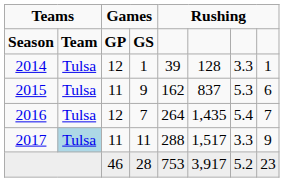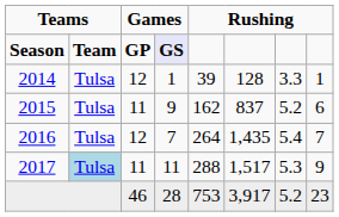 <table style="text-align:center;" class="wikitable">
 <tr style="font-weight:bold;">
 <td colspan="2">Teams</td>
 <td colspan="2">Games</td>
 <td colspan="4">Rushing</td>
 </tr>
 <tr style="font-weight:bold;">
 <td>Season</td>
 <td>Team</td>
 <td>GP</td>
-<td>GS</td>
+<td style="background: lavender;">GS</td>
 <td></td>
 <td></td>
 <td></td>
 <td></td>
 </tr>
 <tr>
 <td><a href='#'>2014</a></td>
 <td><a href='#'>Tulsa</a></td>
 <td>12</td>
 <td>1</td>
 <td>39</td>
 <td>128</td>
 <td>3.3</td>
 <td>1</td>
 </tr>
 <tr>
 <td><a href='#'>2015</a></td>
 <td><a href='#'>Tulsa</a></td>
 <td>11</td>
 <td>9</td>
 <td>162</td>
 <td>837</td>
-<td>5.3</td>
+<td>5.2</td>
 <td>6</td>
 </tr>
 <tr>
 <td><a href='#'>2016</a></td>
 <td><a href='#'>Tulsa</a></td>
 <td>12</td>
 <td>7</td>
 <td>264</td>
 <td>1,435</td>
 <td>5.4</td>
 <td>7</td>
 </tr>
 <tr>
 <td><a href='#'>2017</a></td>
 <td style="background: lightblue;"><a href='#'>Tulsa</a></td>
 <td>11</td>
 <td>11</td>
 <td>288</td>
 <td>1,517</td>
-<td>3.3</td>
+<td>5.3</td>
 <td>9</td>
 </tr>
 <tr class="sortbottom" style="background:#eee;">
 <td colspan=2><strong></strong></td>
 <td>46</td>
 <td>28</td>
 <td>753</td>
 <td>3,917</td>
 <td>5.2</td>
 <td>23</td>
 </tr>
 </table>
